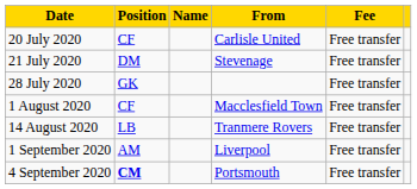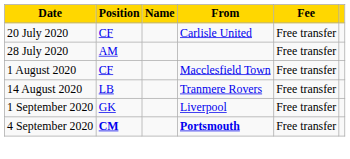 <table class="wikitable plainrowheaders sortable">
 <tr>
 <th style="background:#ffd700; color:#000000; ">Date</th>
 <th style="background:#ffd700; color:#000000; ">Position</th>
 <th style="background:#ffd700; color:#000000; ">Name</th>
 <th style="background:#ffd700; color:#000000; ">From</th>
 <th style="background:#ffd700; color:#000000; ">Fee</th>
 <th style="background:#ffd700; color:#000000; "></th>
 </tr>
 <tr>
 <td>20 July 2020</td>
 <td><a href='#'>CF</a></td>
 <td></td>
 <td><a href='#'>Carlisle United</a></td>
 <td>Free transfer</td>
 <td></td>
 </tr>
 <tr>
-<td>21 July 2020</td>
-<td><a href='#'>DM</a></td>
-<td></td>
-<td><a href='#'>Stevenage</a></td>
-<td>Free transfer</td>
-<td></td>
-</tr>
-<tr>
 <td>28 July 2020</td>
-<td><a href='#'>GK</a></td>
+<td><a href='#'>AM</a></td>
 <td></td>
 <td></td>
 <td>Free transfer</td>
 <td></td>
 </tr>
 <tr>
 <td>1 August 2020</td>
 <td><a href='#'>CF</a></td>
 <td></td>
 <td><a href='#'>Macclesfield Town</a></td>
 <td>Free transfer</td>
 <td></td>
 </tr>
 <tr>
 <td>14 August 2020</td>
 <td><a href='#'>LB</a></td>
 <td></td>
 <td><a href='#'>Tranmere Rovers</a></td>
 <td>Free transfer</td>
 <td></td>
 </tr>
 <tr>
 <td>1 September 2020</td>
-<td><a href='#'>AM</a></td>
+<td><a href='#'>GK</a></td>
 <td></td>
 <td><a href='#'>Liverpool</a></td>
 <td>Free transfer</td>
 <td></td>
 </tr>
 <tr>
 <td>4 September 2020</td>
 <td><strong><a href='#'>CM</a></strong></td>
 <td></td>
-<td><a href='#'>Portsmouth</a></td>
+<td><strong><a href='#'>Portsmouth</a></strong></td>
 <td>Free transfer</td>
 <td></td>
 </tr>
 </table>
